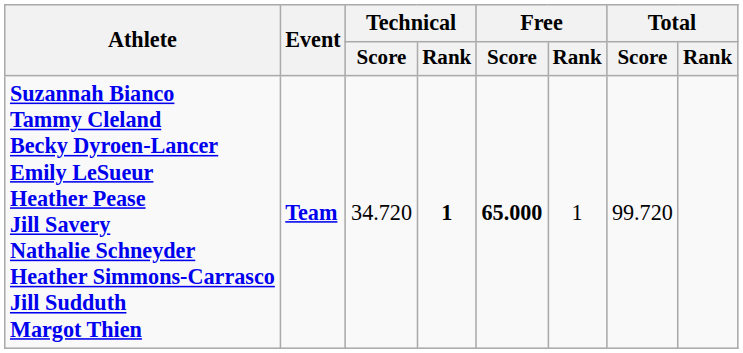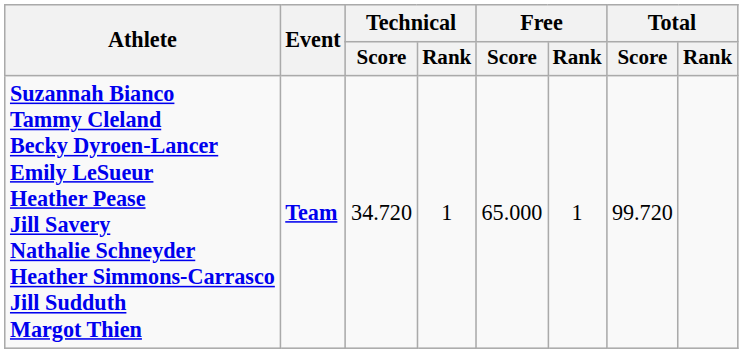 <table class=wikitable style=font-size:90%;text-align:center>
 <tr>
 <th rowspan=2>Athlete</th>
 <th rowspan=2>Event</th>
 <th colspan=2>Technical</th>
 <th colspan=2>Free</th>
 <th colspan=2>Total</th>
 </tr>
 <tr style=font-size:95%>
 <th>Score</th>
 <th>Rank</th>
 <th>Score</th>
 <th>Rank</th>
 <th>Score</th>
 <th>Rank</th>
 </tr>
 <tr>
 <td align=left><strong><a href='#'>Suzannah Bianco</a><br><a href='#'>Tammy Cleland</a><br><a href='#'>Becky Dyroen-Lancer</a><br><a href='#'>Emily LeSueur</a><br><a href='#'>Heather Pease</a><br><a href='#'>Jill Savery</a><br><a href='#'>Nathalie Schneyder</a><br><a href='#'>Heather Simmons-Carrasco</a><br><a href='#'>Jill Sudduth</a><br><a href='#'>Margot Thien</a></strong></td>
 <td align=left><strong><a href='#'>Team</a></strong></td>
 <td>34.720</td>
-<td><strong>1</strong></td>
-<td><strong>65.000</strong></td>
+<td>1</td>
+<td>65.000</td>
 <td>1</td>
 <td>99.720</td>
 <td></td>
 </tr>
 </table>
